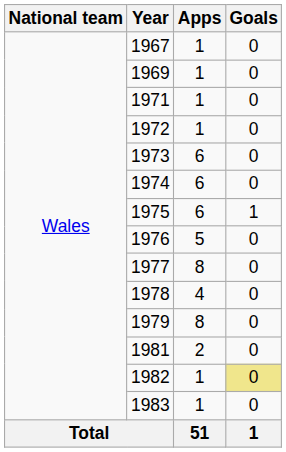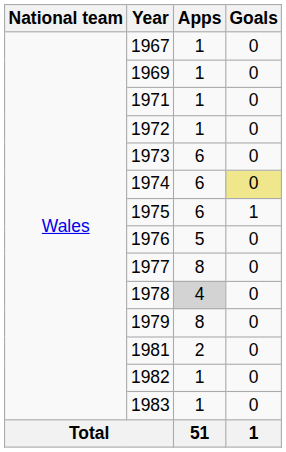 <table class=wikitable style="text-align: center">
 <tr>
 <th>National team</th>
 <th>Year</th>
 <th>Apps</th>
 <th>Goals</th>
 </tr>
 <tr>
 <td rowspan=14><a href='#'>Wales</a></td>
 <td>1967</td>
 <td>1</td>
 <td>0</td>
 </tr>
 <tr>
 <td>1969</td>
 <td>1</td>
 <td>0</td>
 </tr>
 <tr>
 <td>1971</td>
 <td>1</td>
 <td>0</td>
 </tr>
 <tr>
 <td>1972</td>
 <td>1</td>
 <td>0</td>
 </tr>
 <tr>
 <td>1973</td>
 <td>6</td>
 <td>0</td>
 </tr>
 <tr>
 <td>1974</td>
 <td>6</td>
-<td>0</td>
+<td style="background: khaki;">0</td>
 </tr>
 <tr>
 <td>1975</td>
 <td>6</td>
 <td>1</td>
 </tr>
 <tr>
 <td>1976</td>
 <td>5</td>
 <td>0</td>
 </tr>
 <tr>
 <td>1977</td>
 <td>8</td>
 <td>0</td>
 </tr>
 <tr>
 <td>1978</td>
-<td>4</td>
+<td style="background: lightgrey;">4</td>
 <td>0</td>
 </tr>
 <tr>
 <td>1979</td>
 <td>8</td>
 <td>0</td>
 </tr>
 <tr>
 <td>1981</td>
 <td>2</td>
 <td>0</td>
 </tr>
 <tr>
 <td>1982</td>
 <td>1</td>
-<td style="background: khaki;">0</td>
+<td>0</td>
 </tr>
 <tr>
 <td>1983</td>
 <td>1</td>
 <td>0</td>
 </tr>
 <tr>
 <th colspan=2>Total</th>
 <th>51</th>
 <th>1</th>
 </tr>
 </table>
